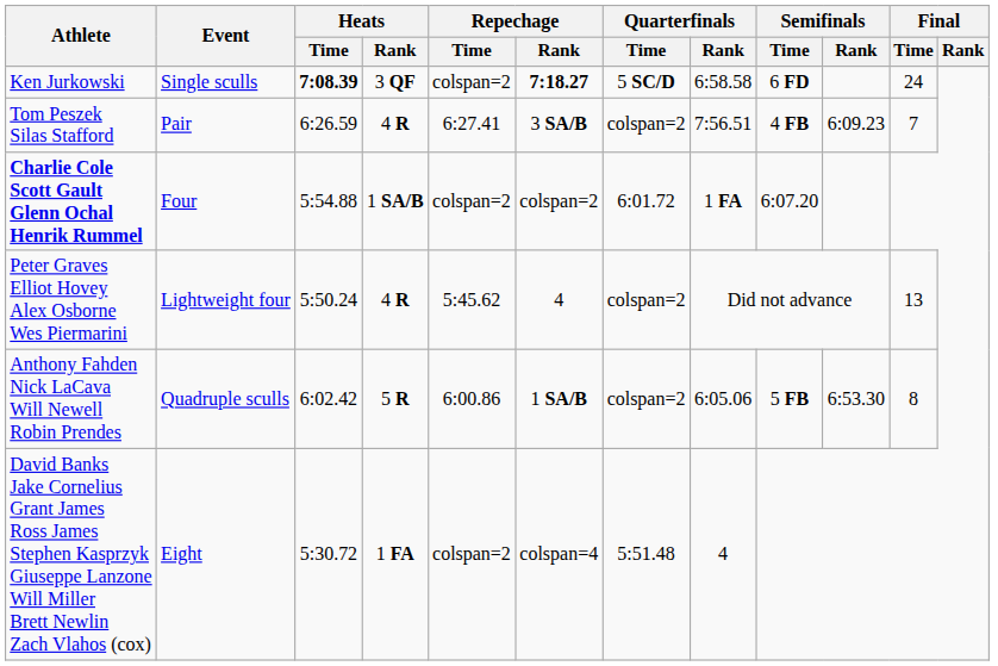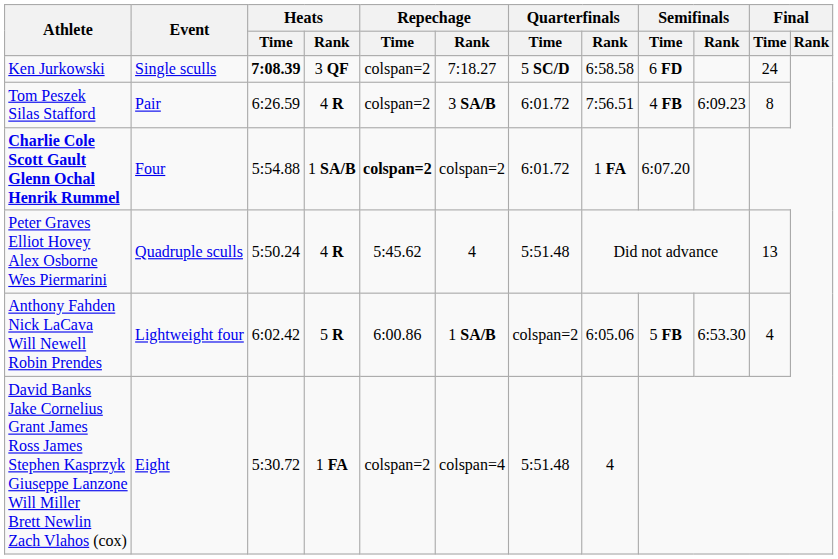 <table class=wikitable style=font-size:90%;text-align:center>
 <tr>
 <th rowspan=2>Athlete</th>
 <th rowspan=2>Event</th>
 <th colspan=2>Heats</th>
 <th colspan=2>Repechage</th>
 <th colspan=2>Quarterfinals</th>
 <th colspan=2>Semifinals</th>
 <th colspan=2>Final</th>
 </tr>
 <tr style=font-size:95%>
 <th>Time</th>
 <th>Rank</th>
 <th>Time</th>
 <th>Rank</th>
 <th>Time</th>
 <th>Rank</th>
 <th>Time</th>
 <th>Rank</th>
 <th>Time</th>
 <th>Rank</th>
 </tr>
 <tr>
 <td align=left><a href='#'>Ken Jurkowski</a></td>
 <td align=left><a href='#'>Single sculls</a></td>
 <td><strong>7:08.39</strong></td>
 <td>3 <strong>QF</strong></td>
 <td>colspan=2 </td>
-<td><strong>7:18.27</strong></td>
+<td>7:18.27</td>
 <td>5 <strong>SC/D</strong></td>
 <td>6:58.58</td>
 <td>6 <strong>FD</strong></td>
 <td></td>
 <td>24</td>
 </tr>
 <tr>
 <td align=left><a href='#'>Tom Peszek</a><br><a href='#'>Silas Stafford</a></td>
 <td align=left><a href='#'>Pair</a></td>
 <td>6:26.59</td>
 <td>4 <strong>R</strong></td>
-<td>6:27.41</td>
+<td>colspan=2 </td>
 <td>3 <strong>SA/B</strong></td>
-<td>colspan=2 </td>
+<td>6:01.72</td>
 <td>7:56.51</td>
 <td>4 <strong>FB</strong></td>
 <td>6:09.23</td>
-<td>7</td>
+<td>8</td>
 </tr>
 <tr>
 <td align=left><strong><a href='#'>Charlie Cole</a><br><a href='#'>Scott Gault</a><br><a href='#'>Glenn Ochal</a><br><a href='#'>Henrik Rummel</a></strong></td>
 <td align=left><a href='#'>Four</a></td>
 <td>5:54.88</td>
 <td>1 <strong>SA/B</strong></td>
-<td>colspan=2 </td>
+<td><strong>colspan=2 </strong></td>
 <td>colspan=2 </td>
 <td>6:01.72</td>
 <td>1 <strong>FA</strong></td>
 <td>6:07.20</td>
 <td></td>
 </tr>
 <tr>
 <td align=left><a href='#'>Peter Graves</a><br><a href='#'>Elliot Hovey</a><br><a href='#'>Alex Osborne</a><br><a href='#'>Wes Piermarini</a></td>
-<td align=left><a href='#'>Lightweight four</a></td>
+<td align=left><a href='#'>Quadruple sculls</a></td>
 <td>5:50.24</td>
 <td>4 <strong>R</strong></td>
 <td>5:45.62</td>
 <td>4</td>
-<td>colspan=2 </td>
+<td>5:51.48</td>
 <td colspan=3>Did not advance</td>
 <td>13</td>
 </tr>
 <tr>
 <td align=left><a href='#'>Anthony Fahden</a><br><a href='#'>Nick LaCava</a><br><a href='#'>Will Newell</a><br><a href='#'>Robin Prendes</a></td>
-<td align=left><a href='#'>Quadruple sculls</a></td>
+<td align=left><a href='#'>Lightweight four</a></td>
 <td>6:02.42</td>
 <td>5 <strong>R</strong></td>
 <td>6:00.86</td>
 <td>1 <strong>SA/B</strong></td>
 <td>colspan=2 </td>
 <td>6:05.06</td>
 <td>5 <strong>FB</strong></td>
 <td>6:53.30</td>
-<td>8</td>
+<td>4</td>
 </tr>
 <tr>
 <td align=left><a href='#'>David Banks</a><br><a href='#'>Jake Cornelius</a><br><a href='#'>Grant James</a><br><a href='#'>Ross James</a><br><a href='#'>Stephen Kasprzyk</a><br><a href='#'>Giuseppe Lanzone</a><br><a href='#'>Will Miller</a><br><a href='#'>Brett Newlin</a><br><a href='#'>Zach Vlahos</a> (cox)</td>
 <td align=left><a href='#'>Eight</a></td>
 <td>5:30.72</td>
 <td>1 <strong>FA</strong></td>
 <td>colspan=2 </td>
 <td>colspan=4 </td>
 <td>5:51.48</td>
 <td>4</td>
 </tr>
 </table>
